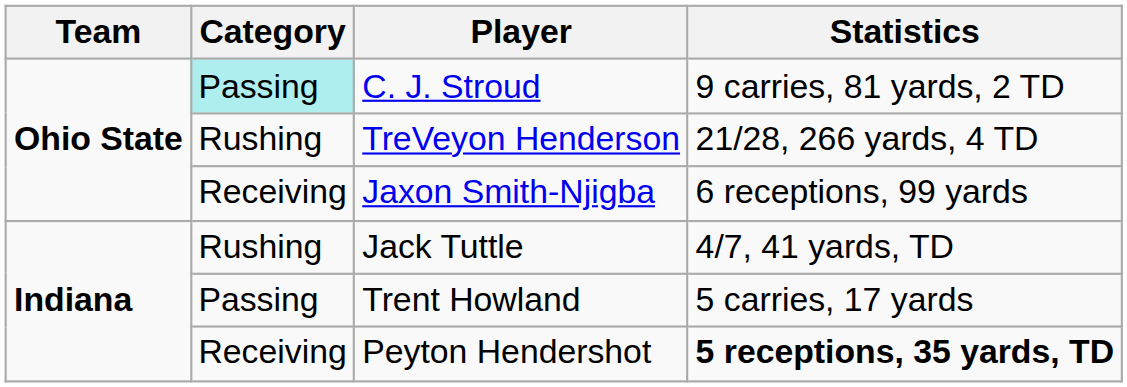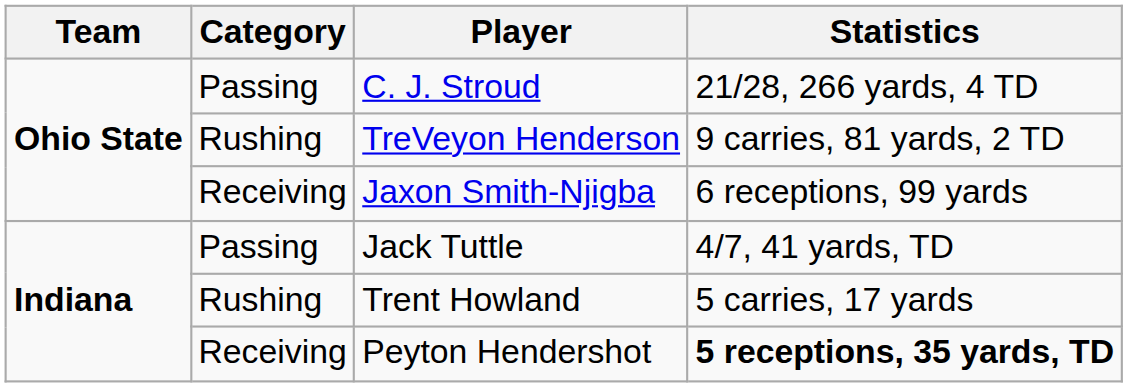 <table class="wikitable" style="float: right;">
 <tr>
 <th>Team</th>
 <th>Category</th>
 <th>Player</th>
 <th>Statistics</th>
 </tr>
 <tr>
 <td rowspan=3><strong>Ohio State</strong></td>
-<td style="background: paleturquoise;">Passing</td>
+<td>Passing</td>
 <td><a href='#'>C. J. Stroud</a></td>
-<td>9 carries, 81 yards, 2 TD</td>
+<td>21/28, 266 yards, 4 TD</td>
 </tr>
 <tr>
 <td>Rushing</td>
 <td><a href='#'>TreVeyon Henderson</a></td>
-<td>21/28, 266 yards, 4 TD</td>
+<td>9 carries, 81 yards, 2 TD</td>
 </tr>
 <tr>
 <td>Receiving</td>
 <td><a href='#'>Jaxon Smith-Njigba</a></td>
 <td>6 receptions, 99 yards</td>
 </tr>
 <tr>
 <td rowspan=3><strong>Indiana</strong></td>
-<td>Rushing</td>
+<td>Passing</td>
 <td>Jack Tuttle</td>
 <td>4/7, 41 yards, TD</td>
 </tr>
 <tr>
-<td>Passing</td>
+<td>Rushing</td>
 <td>Trent Howland</td>
 <td>5 carries, 17 yards</td>
 </tr>
 <tr>
 <td>Receiving</td>
 <td>Peyton Hendershot</td>
 <td><strong>5 receptions, 35 yards, TD</strong></td>
 </tr>
 </table>
